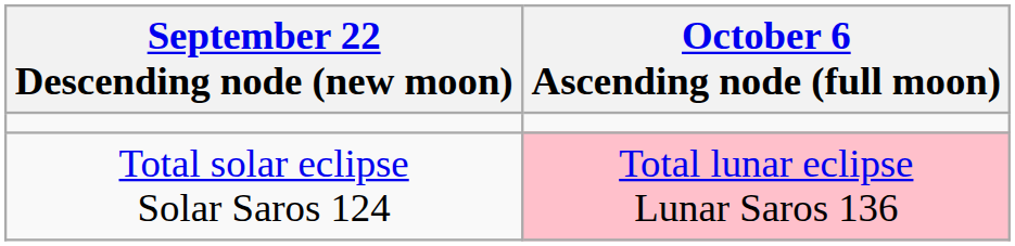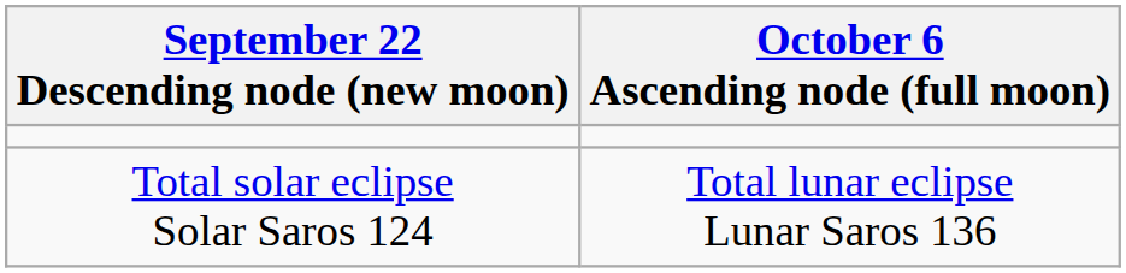 <table class="wikitable">
 <tr>
 <th><a href='#'>September 22</a><br>Descending node (new moon)<br></th>
 <th><a href='#'>October 6</a><br>Ascending node (full moon)<br></th>
 </tr>
 <tr>
 <td></td>
 <td></td>
 </tr>
 <tr align=center>
 <td><a href='#'>Total solar eclipse</a><br>Solar Saros 124</td>
-<td style="background: pink;"><a href='#'>Total lunar eclipse</a><br>Lunar Saros 136</td>
+<td><a href='#'>Total lunar eclipse</a><br>Lunar Saros 136</td>
 </tr>
 </table>
